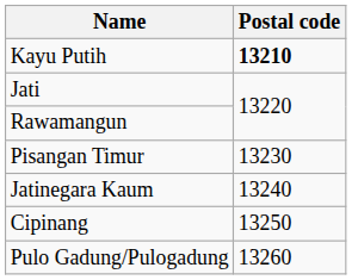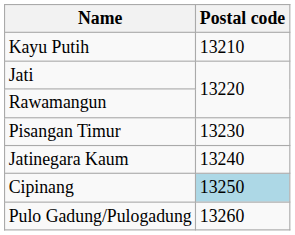 <table class=wikitable>
 <tr>
 <th>Name</th>
 <th>Postal code</th>
 </tr>
 <tr>
 <td>Kayu Putih</td>
-<td><strong>13210</strong></td>
+<td>13210</td>
 </tr>
 <tr>
 <td>Jati</td>
 <td rowspan="2">13220</td>
 </tr>
 <tr>
 <td>Rawamangun</td>
 </tr>
 <tr>
 <td>Pisangan Timur</td>
 <td>13230</td>
 </tr>
 <tr>
 <td>Jatinegara Kaum</td>
 <td>13240</td>
 </tr>
 <tr>
 <td>Cipinang</td>
-<td>13250</td>
+<td style="background: lightblue;">13250</td>
 </tr>
 <tr>
 <td>Pulo Gadung/Pulogadung</td>
 <td>13260</td>
 </tr>
 </table>
